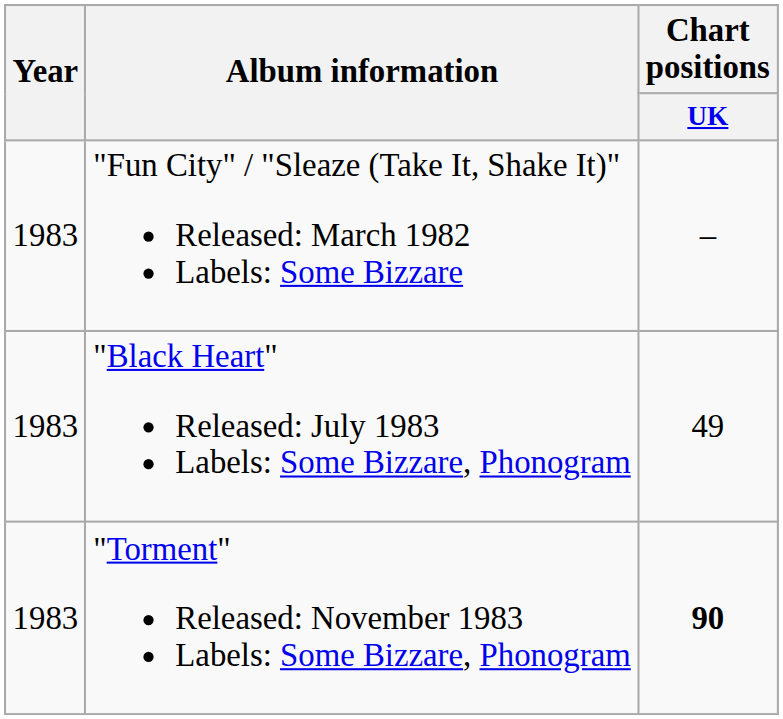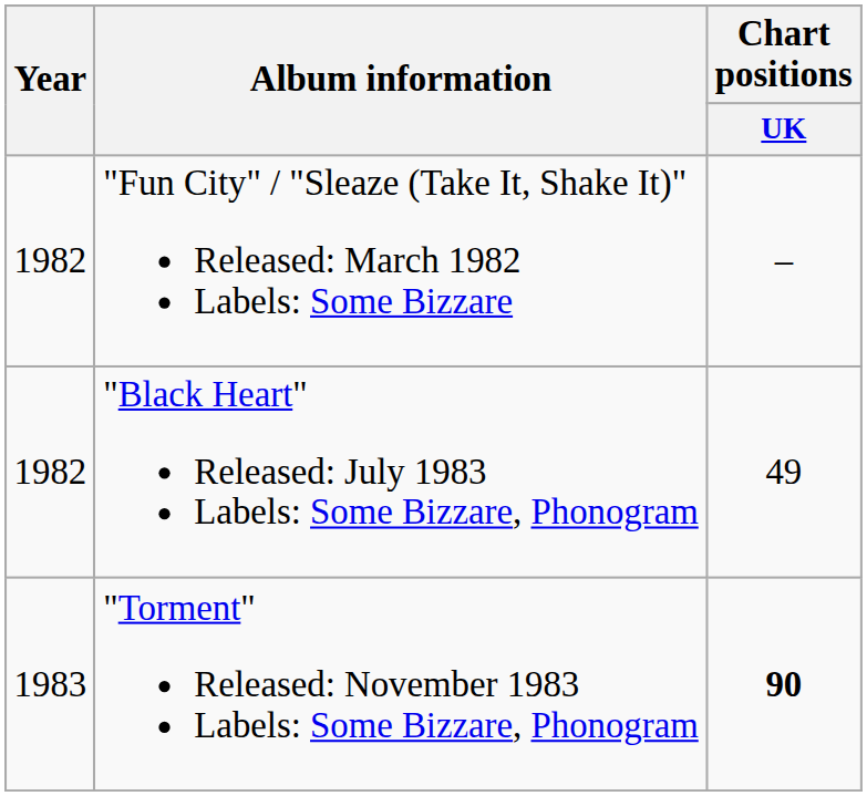 <table class="wikitable" style=text-align:center;>
 <tr>
 <th rowspan="2">Year</th>
 <th rowspan="2">Album information</th>
 <th colspan="1">Chart positions</th>
 </tr>
 <tr style="font-size:smaller;">
 <th width="30"><a href='#'>UK</a> <br></th>
 </tr>
 <tr>
-<td>1983</td>
+<td>1982</td>
 <td align=left>"Fun City" / "Sleaze (Take It, Shake It)"<br><ul><li>Released: March 1982</li><li>Labels: <a href='#'>Some Bizzare</a></li></ul></td>
 <td>–</td>
 </tr>
 <tr>
-<td>1983</td>
+<td>1982</td>
 <td align=left>"<a href='#'>Black Heart</a>"<br><ul><li>Released: July 1983</li><li>Labels: <a href='#'>Some Bizzare</a>, <a href='#'>Phonogram</a></li></ul></td>
 <td>49</td>
 </tr>
 <tr>
 <td>1983</td>
 <td align=left>"<a href='#'>Torment</a>"<br><ul><li>Released: November 1983</li><li>Labels: <a href='#'>Some Bizzare</a>, <a href='#'>Phonogram</a></li></ul></td>
 <td><strong>90</strong></td>
 </tr>
 <tr>
 </tr>
 </table>
